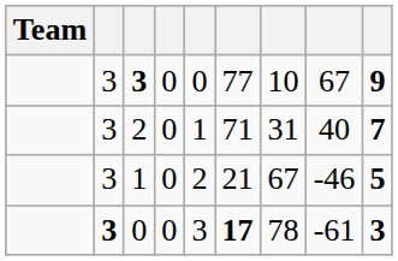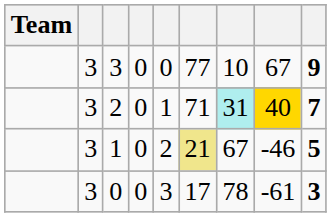 <table class="wikitable" style="text-align: center;">
 <tr>
 <th>Team</th>
 <th></th>
 <th></th>
 <th></th>
 <th></th>
 <th></th>
 <th></th>
 <th></th>
 <th></th>
 </tr>
 <tr>
 <td align="left"></td>
 <td>3</td>
-<td><strong>3</strong></td>
+<td>3</td>
 <td>0</td>
 <td>0</td>
 <td>77</td>
 <td>10</td>
 <td>67</td>
 <td><strong>9</strong></td>
 </tr>
 <tr>
 <td align="left"></td>
 <td>3</td>
 <td>2</td>
 <td>0</td>
 <td>1</td>
 <td>71</td>
-<td>31</td>
-<td>40</td>
+<td style="background: paleturquoise;">31</td>
+<td style="background: gold;">40</td>
 <td><strong>7</strong></td>
 </tr>
 <tr>
 <td align="left"></td>
 <td>3</td>
 <td>1</td>
 <td>0</td>
 <td>2</td>
-<td>21</td>
+<td style="background: khaki;">21</td>
 <td>67</td>
 <td>-46</td>
 <td><strong>5</strong></td>
 </tr>
 <tr>
 <td align="left"></td>
-<td><strong>3</strong></td>
+<td>3</td>
 <td>0</td>
 <td>0</td>
 <td>3</td>
-<td><strong>17</strong></td>
+<td>17</td>
 <td>78</td>
 <td>-61</td>
 <td><strong>3</strong></td>
 </tr>
 </table>
